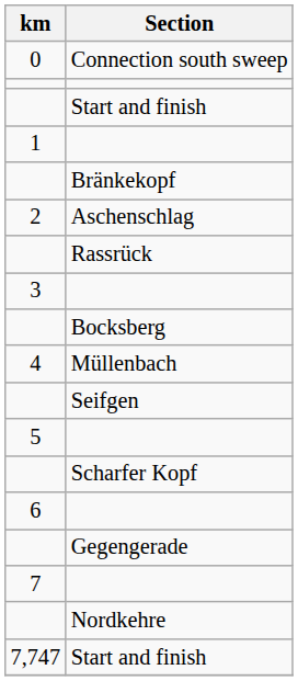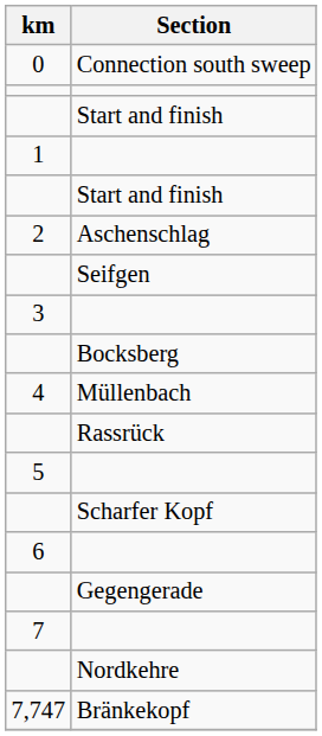 <table class="wikitable zebra float-right" style="font-size:85%;">
 <tr class="hintergrundfarbe5">
 <th>km</th>
 <th>Section</th>
 </tr>
 <tr>
 <td align="center">0</td>
 <td>Connection south sweep</td>
 </tr>
 <tr>
 <td></td>
 <td></td>
 </tr>
 <tr>
 <td></td>
 <td>Start and finish</td>
 </tr>
 <tr>
 <td align="center">1</td>
 <td></td>
 </tr>
 <tr>
 <td></td>
-<td>Bränkekopf</td>
+<td>Start and finish</td>
 </tr>
 <tr>
 <td align="center">2</td>
 <td>Aschenschlag</td>
 </tr>
 <tr>
 <td></td>
-<td>Rassrück</td>
+<td>Seifgen</td>
 </tr>
 <tr>
 <td align="center">3</td>
 <td></td>
 </tr>
 <tr>
 <td></td>
 <td>Bocksberg</td>
 </tr>
 <tr>
 <td align="center">4</td>
 <td>Müllenbach</td>
 </tr>
 <tr>
 <td></td>
-<td>Seifgen</td>
+<td>Rassrück</td>
 </tr>
 <tr>
 <td align="center">5</td>
 <td></td>
 </tr>
 <tr>
 <td></td>
 <td>Scharfer Kopf</td>
 </tr>
 <tr>
 <td align="center">6</td>
 <td></td>
 </tr>
 <tr>
 <td></td>
 <td>Gegengerade</td>
 </tr>
 <tr>
 <td align="center">7</td>
 <td></td>
 </tr>
 <tr>
 <td></td>
 <td>Nordkehre</td>
 </tr>
 <tr>
 <td align="center">7,747</td>
-<td>Start and finish</td>
+<td>Bränkekopf</td>
 </tr>
 <tr>
 </tr>
 </table>
